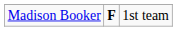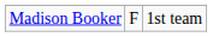 <table class="wikitable" style="text-align: center">
 <tr align=center>
 </tr>
 <tr>
 <td><a href='#'>Madison Booker</a></td>
-<td><strong>F</strong></td>
+<td>F</td>
 <td>1st team</td>
 </tr>
 </table>
